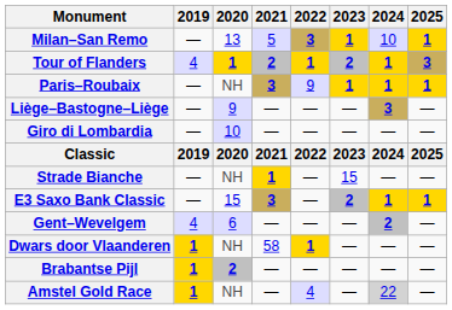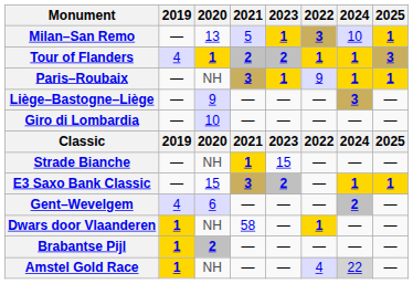 <table class="wikitable plainrowheaders">
 <tr>
 <th>Monument</th>
 <th scope="col">2019</th>
 <th scope="col">2020</th>
 <th scope="col">2021</th>
+<th scope="col">2023</th>
 <th scope="col">2022</th>
-<th scope="col">2023</th>
 <th scope="col">2024</th>
 <th scope="col">2025</th>
 </tr>
 <tr style="text-align:center;">
 <th scope="row"><a href='#'>Milan–San Remo</a></th>
 <td>—</td>
 <td><a href='#'>13</a></td>
 <td style="background:#ddf;"><a href='#'>5</a></td>
+<td style="background:gold;"><a href='#'><strong>1</strong></a></td>
 <td style="background:#C9AE5D;"><a href='#'><strong>3</strong></a></td>
-<td style="background:gold;"><a href='#'><strong>1</strong></a></td>
 <td style="background:#ddf;"><a href='#'>10</a></td>
 <td style="background:gold;"><a href='#'><strong>1</strong></a></td>
 </tr>
 <tr style="text-align:center;">
 <th scope="row"><a href='#'>Tour of Flanders</a></th>
 <td style="background:#ddf;"><a href='#'>4</a></td>
 <td style="background:gold;"><a href='#'><strong>1</strong></a></td>
 <td style="background:silver;"><a href='#'><strong>2</strong></a></td>
+<td style="background:silver;"><a href='#'><strong>2</strong></a></td>
 <td style="background:gold;"><a href='#'><strong>1</strong></a></td>
-<td style="background:silver;"><a href='#'><strong>2</strong></a></td>
 <td style="background:gold;"><a href='#'><strong>1</strong></a></td>
 <td style="background:#C9AE5D;"><a href='#'><strong>3</strong></a></td>
 </tr>
 <tr style="text-align:center;">
 <th scope="row"><a href='#'>Paris–Roubaix</a></th>
 <td>—</td>
 <td style="color:#4d4d4d;">NH</td>
 <td style="background:#C9AE5D;"><a href='#'><strong>3</strong></a></td>
+<td style="background:gold;"><a href='#'><strong>1</strong></a></td>
 <td style="background:#ddf;"><a href='#'>9</a></td>
-<td style="background:gold;"><a href='#'><strong>1</strong></a></td>
 <td style="background:gold;"><a href='#'><strong>1</strong></a></td>
 <td style="background:gold;"><a href='#'><strong>1</strong></a></td>
 </tr>
 <tr style="text-align:center;">
 <th scope="row"><a href='#'>Liège–Bastogne–Liège</a></th>
 <td>—</td>
 <td style="background:#ddf;"><a href='#'>9</a></td>
 <td>—</td>
 <td>—</td>
 <td>—</td>
 <td style="background:#C9AE5D;"><a href='#'><strong>3</strong></a></td>
 <td>—</td>
 </tr>
 <tr style="text-align:center;">
 <th scope="row"><a href='#'>Giro di Lombardia</a></th>
 <td>—</td>
 <td style="background:#ddf;"><a href='#'>10</a></td>
 <td>—</td>
 <td>—</td>
 <td>—</td>
 <td>—</td>
 <td>—</td>
 </tr>
 <tr>
 <th>Classic</th>
 <th scope="col">2019</th>
 <th scope="col">2020</th>
 <th scope="col">2021</th>
+<th scope="col">2023</th>
 <th scope="col">2022</th>
-<th scope="col">2023</th>
 <th scope="col">2024</th>
 <th scope="col">2025</th>
 </tr>
 <tr style="text-align:center;">
 <th scope="row"><a href='#'>Strade Bianche</a></th>
 <td>—</td>
 <td style="color:#4d4d4d;">NH</td>
 <td style="background:gold"><a href='#'><strong>1</strong></a></td>
+<td><a href='#'>15</a></td>
 <td>—</td>
-<td><a href='#'>15</a></td>
 <td>—</td>
 <td>—</td>
 </tr>
 <tr style="text-align:center;">
 <th scope="row"><a href='#'>E3 Saxo Bank Classic</a></th>
 <td>—</td>
 <td><a href='#'>15</a></td>
 <td style="background:#C9AE5D;"><a href='#'><strong>3</strong></a></td>
+<td style="background:silver"><a href='#'><strong>2</strong></a></td>
 <td>—</td>
-<td style="background:silver"><a href='#'><strong>2</strong></a></td>
 <td style="background:gold"><a href='#'><strong>1</strong></a></td>
 <td style="background:gold"><a href='#'><strong>1</strong></a></td>
 </tr>
 <tr style="text-align:center;">
 <th scope="row"><a href='#'>Gent–Wevelgem</a></th>
 <td style="background:#ddf;"><a href='#'>4</a></td>
 <td style="background:#ddf;"><a href='#'>6</a></td>
 <td>—</td>
 <td>—</td>
 <td>—</td>
 <td style="background:silver"><a href='#'><strong>2</strong></a></td>
 <td>—</td>
 </tr>
 <tr style="text-align:center;">
 <th scope="row"><a href='#'>Dwars door Vlaanderen</a></th>
 <td style="background:gold"><a href='#'><strong>1</strong></a></td>
 <td style="color:#4d4d4d;">NH</td>
 <td><a href='#'>58</a></td>
+<td>—</td>
 <td style="background:gold"><a href='#'><strong>1</strong></a></td>
-<td>—</td>
 <td>—</td>
 <td>—</td>
 </tr>
 <tr style="text-align:center;">
 <th scope="row"><a href='#'>Brabantse Pijl</a></th>
 <td style="background:gold"><a href='#'><strong>1</strong></a></td>
 <td style="background:#c0c0c0;"><a href='#'><strong>2</strong></a></td>
 <td>—</td>
 <td>—</td>
 <td>—</td>
 <td>—</td>
 <td>—</td>
 </tr>
 <tr style="text-align:center;">
 <th scope="row"><a href='#'>Amstel Gold Race</a></th>
 <td style="background:gold"><a href='#'><strong>1</strong></a></td>
 <td style="color:#4d4d4d;">NH</td>
 <td>—</td>
+<td>—</td>
 <td style="background:#ddf;"><a href='#'>4</a></td>
-<td>—</td>
 <td style="background: lightgrey;"><a href='#'>22</a></td>
 <td>—</td>
 </tr>
 </table>
